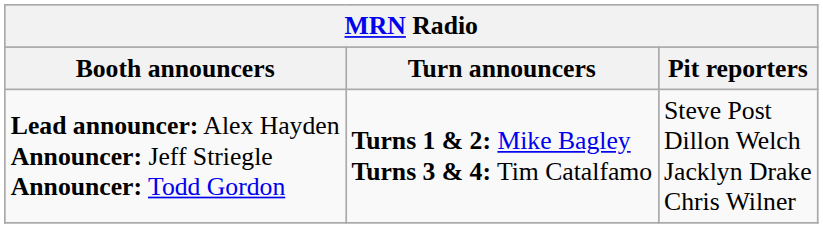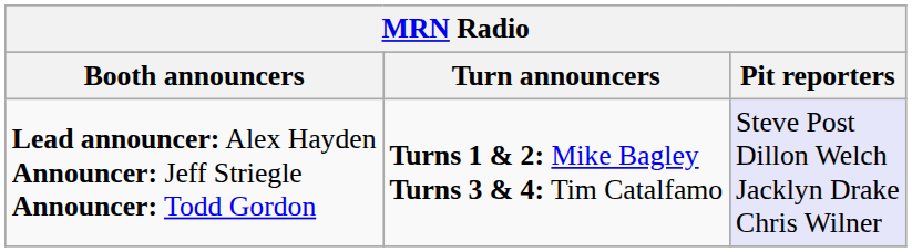 <table class="wikitable" style="font-size: 95%;">
 <tr>
 <th colspan="3"><a href='#'>MRN</a> Radio</th>
 </tr>
 <tr>
 <th>Booth announcers</th>
 <th>Turn announcers</th>
 <th>Pit reporters</th>
 </tr>
 <tr>
 <td><strong>Lead announcer:</strong> Alex Hayden<br><strong>Announcer:</strong> Jeff Striegle<br><strong>Announcer:</strong> <a href='#'>Todd Gordon</a></td>
 <td><strong>Turns 1 & 2:</strong> <a href='#'>Mike Bagley</a><br><strong>Turns 3 & 4:</strong> Tim Catalfamo</td>
-<td>Steve Post<br>Dillon Welch<br>Jacklyn Drake<br>Chris Wilner</td>
+<td style="background: lavender;">Steve Post<br>Dillon Welch<br>Jacklyn Drake<br>Chris Wilner</td>
 </tr>
 </table>
